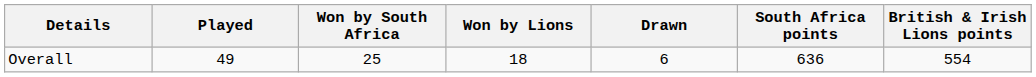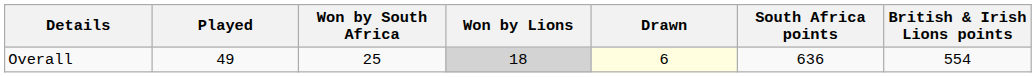 <table class="wikitable">
 <tr>
 <th style="width:125px">Details</th>
 <th style="width:125px">Played</th>
 <th style="width:125px">Won by South Africa</th>
 <th style="width:125px">Won by Lions</th>
 <th style="width:125px">Drawn</th>
 <th style="width:125px">South Africa points</th>
 <th style="width:125px">British & Irish Lions points</th>
 </tr>
 <tr>
 <td>Overall</td>
 <td style="text-align:center">49</td>
 <td style="text-align:center">25</td>
-<td style="text-align:center">18</td>
-<td style="text-align:center">6</td>
+<td style="background: lightgrey; text-align:center">18</td>
+<td style="background: lightyellow; text-align:center">6</td>
 <td style="text-align:center">636</td>
 <td style="text-align:center">554</td>
 </tr>
 </table>
